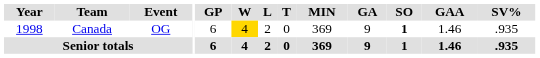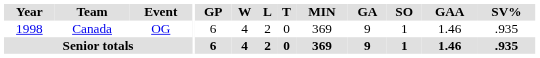 <table border="0" cellpadding="1" cellspacing="0" ID="Table3" style="text-align:center; width:40em;">
 <tr bgcolor="#e0e0e0">
 <th>Year</th>
 <th>Team</th>
 <th>Event</th>
 <th rowspan="99" bgcolor="#ffffff"></th>
 <th>GP</th>
 <th>W</th>
 <th>L</th>
 <th>T</th>
 <th>MIN</th>
 <th>GA</th>
 <th>SO</th>
 <th>GAA</th>
 <th>SV%</th>
 </tr>
 <tr>
 <td><a href='#'>1998</a></td>
 <td><a href='#'>Canada</a></td>
 <td><a href='#'>OG</a></td>
 <td>6</td>
-<td style="background: gold;">4</td>
+<td>4</td>
 <td>2</td>
 <td>0</td>
 <td>369</td>
 <td>9</td>
-<td><strong>1</strong></td>
+<td>1</td>
 <td>1.46</td>
 <td>.935</td>
 </tr>
 <tr bgcolor="#e0e0e0">
 <th colspan="3">Senior totals</th>
 <th>6</th>
 <th>4</th>
 <th>2</th>
 <th>0</th>
 <th>369</th>
 <th>9</th>
 <th>1</th>
 <th>1.46</th>
 <th>.935</th>
 </tr>
 </table>
